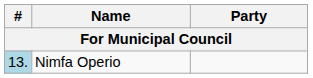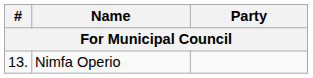 <table class="wikitable" style="font-size:90%">
 <tr>
 <th>#</th>
 <th width=150px>Name</th>
 <th colspan=2 width=110px>Party</th>
 </tr>
 <tr>
 <th colspan=5>For Municipal Council</th>
 </tr>
 <tr>
-<td style="background: lightblue;">13.</td>
+<td>13.</td>
 <td>Nimfa Operio</td>
 <td></td>
 </tr>
 </table>
